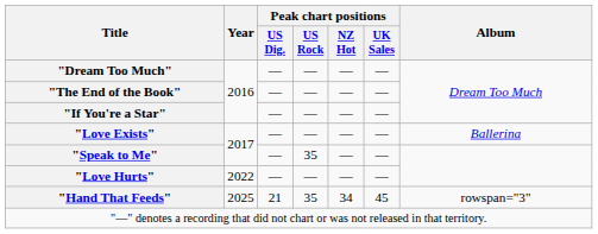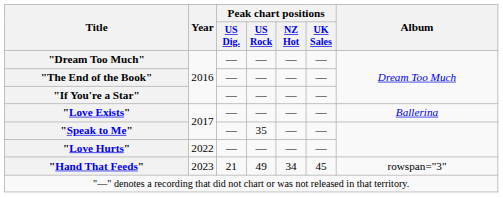 <table class="wikitable plainrowheaders" style="text-align:center;">
 <tr>
 <th scope="col" rowspan="2" style="width:16em;">Title</th>
 <th scope="col" rowspan="2" style="width:1em;">Year</th>
 <th scope="col" colspan="4">Peak chart positions</th>
 <th rowspan="2" scope="col" style="width:14em;">Album</th>
 </tr>
 <tr>
 <th scope="col" style="width:2.5em;font-size:90%;"><a href='#'>US<br>Dig.</a><br></th>
 <th scope="col" style="width:2.5em;font-size:90%;"><a href='#'>US<br>Rock</a><br></th>
 <th scope="col" style="width:2.5em;font-size:90%;"><a href='#'>NZ<br>Hot</a><br></th>
 <th scope="col" style="width:2.5em;font-size:90%;"><a href='#'>UK<br>Sales</a><br></th>
 </tr>
 <tr>
 <th scope="row">"Dream Too Much"</th>
 <td rowspan="3">2016</td>
 <td>—</td>
 <td>—</td>
 <td>—</td>
 <td>—</td>
 <td rowspan="3"><em><a href='#'>Dream Too Much</a></em></td>
 </tr>
 <tr>
 <th scope="row">"The End of the Book"</th>
 <td>—</td>
 <td>—</td>
 <td>—</td>
 <td>—</td>
 </tr>
 <tr>
 <th scope="row">"If You're a Star"</th>
 <td>—</td>
 <td>—</td>
 <td>—</td>
 <td>—</td>
 </tr>
 <tr>
 <th scope="row">"<a href='#'>Love Exists</a>"</th>
 <td rowspan="2">2017</td>
 <td>—</td>
 <td>—</td>
 <td>—</td>
 <td>—</td>
 <td><em><a href='#'>Ballerina</a></em></td>
 </tr>
 <tr>
 <th scope="row">"<a href='#'>Speak to Me</a>"</th>
 <td>—</td>
 <td>35</td>
 <td>—</td>
 <td>—</td>
 </tr>
 <tr>
 <th scope="row">"<a href='#'>Love Hurts</a>"<br></th>
 <td>2022</td>
 <td>—</td>
 <td>—</td>
 <td>—</td>
 <td>—</td>
 </tr>
 <tr>
 <th scope="row">"<a href='#'>Hand That Feeds</a>"<br></th>
-<td>2025</td>
+<td>2023</td>
 <td>21</td>
-<td>35</td>
+<td>49</td>
 <td>34</td>
 <td>45</td>
 <td>rowspan="3" </td>
 </tr>
 <tr>
 <td colspan="8" style="font-size:90%">"—" denotes a recording that did not chart or was not released in that territory.</td>
 </tr>
 </table>
